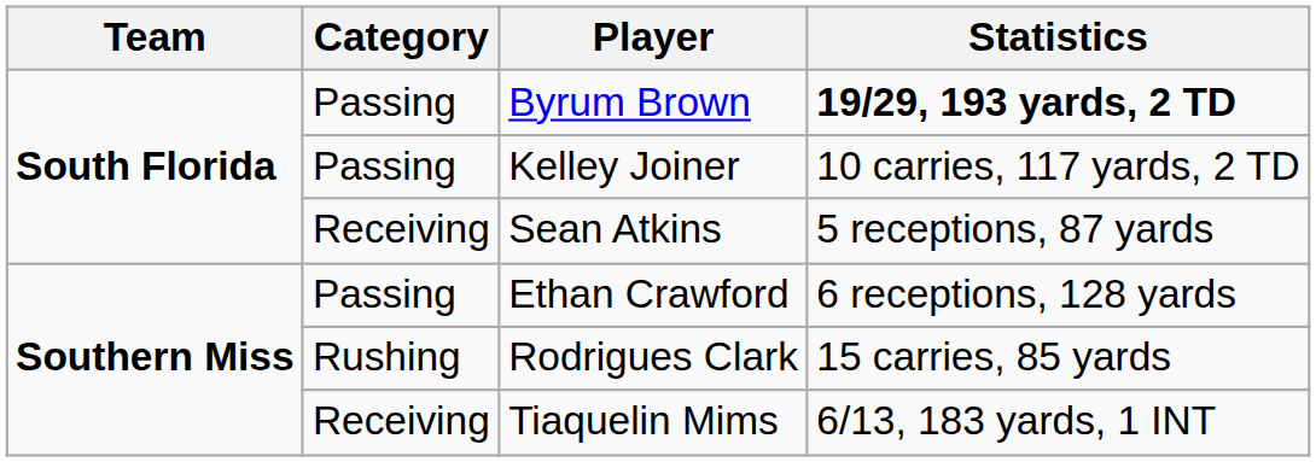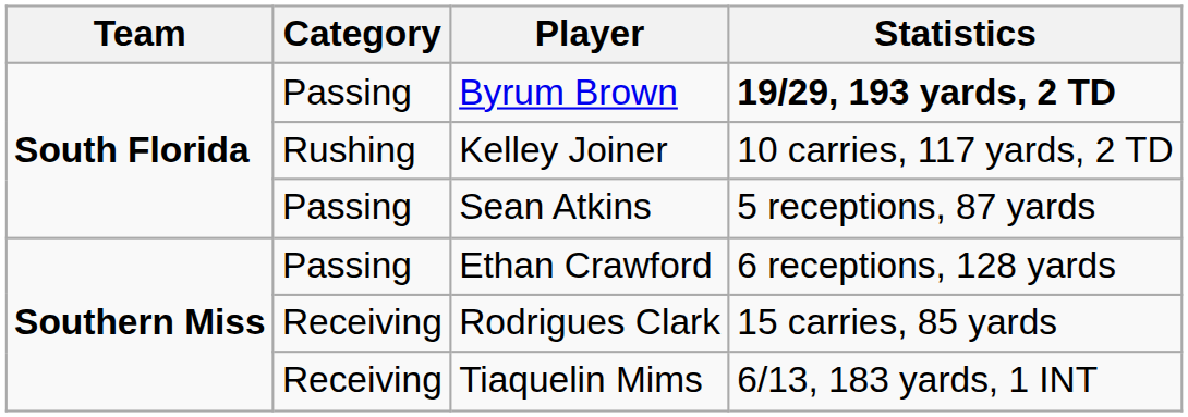 <table class="wikitable" style="float: right;">
 <tr>
 <th>Team</th>
 <th>Category</th>
 <th>Player</th>
 <th>Statistics</th>
 </tr>
 <tr>
 <td rowspan=3><strong>South Florida</strong></td>
 <td>Passing</td>
 <td><a href='#'>Byrum Brown</a></td>
 <td><strong>19/29, 193 yards, 2 TD</strong></td>
 </tr>
 <tr>
-<td>Passing</td>
+<td>Rushing</td>
 <td>Kelley Joiner</td>
 <td>10 carries, 117 yards, 2 TD</td>
 </tr>
 <tr>
-<td>Receiving</td>
+<td>Passing</td>
 <td>Sean Atkins</td>
 <td>5 receptions, 87 yards</td>
 </tr>
 <tr>
 <td rowspan=3><strong>Southern Miss</strong></td>
 <td>Passing</td>
 <td>Ethan Crawford</td>
 <td>6 receptions, 128 yards</td>
 </tr>
 <tr>
-<td>Rushing</td>
+<td>Receiving</td>
 <td>Rodrigues Clark</td>
 <td>15 carries, 85 yards</td>
 </tr>
 <tr>
 <td>Receiving</td>
 <td>Tiaquelin Mims</td>
 <td>6/13, 183 yards, 1 INT</td>
 </tr>
 </table>
